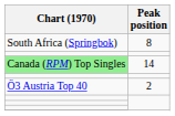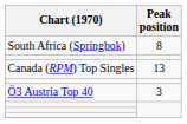 <table class="wikitable sortable plainrowheaders">
 <tr>
 <th>Chart (1970)</th>
 <th>Peak<br>position</th>
 </tr>
 <tr>
 <td>South Africa (<a href='#'>Springbok</a>)</td>
 <td style="text-align:center;">8</td>
 </tr>
 <tr>
 <td></td>
 </tr>
 <tr>
-<td style="background: lightgreen;">Canada (<em><a href='#'>RPM</a></em>) Top Singles</td>
-<td style="text-align:center;">14</td>
+<td>Canada (<em><a href='#'>RPM</a></em>) Top Singles</td>
+<td style="text-align:center;">13</td>
 </tr>
 <tr>
 <td></td>
 </tr>
 <tr>
 <td><a href='#'>Ö3 Austria Top 40</a></td>
-<td align="center">2</td>
+<td align="center">3</td>
 </tr>
 <tr>
 <td></td>
 </tr>
 <tr>
 <td></td>
 </tr>
 <tr>
 <td></td>
 </tr>
 <tr>
 </tr>
 </table>
